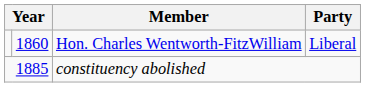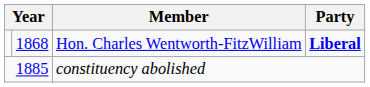 <table class="wikitable">
 <tr>
 <th colspan="2">Year</th>
 <th>Member</th>
 <th>Party</th>
 </tr>
 <tr>
 <td style="color:inherit;background-color: "></td>
-<td><a href='#'>1860</a></td>
+<td><a href='#'>1868</a></td>
 <td><a href='#'>Hon. Charles Wentworth-FitzWilliam</a></td>
-<td><a href='#'>Liberal</a></td>
+<td><strong><a href='#'>Liberal</a></strong></td>
 </tr>
 <tr>
 <td colspan="2" align="right"><a href='#'>1885</a></td>
 <td colspan="2"><em>constituency abolished</em></td>
 </tr>
 </table>
